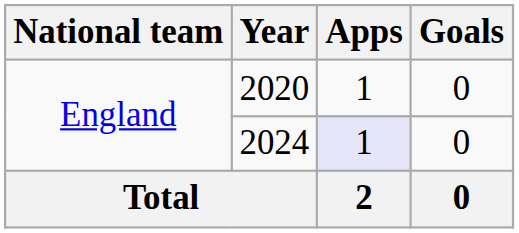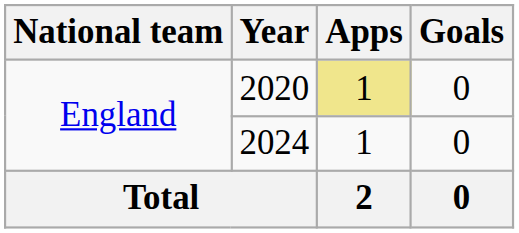 <table class="wikitable" style="text-align: center;">
 <tr>
 <th>National team</th>
 <th>Year</th>
 <th>Apps</th>
 <th>Goals</th>
 </tr>
 <tr>
 <td rowspan="2"><a href='#'>England</a></td>
 <td>2020</td>
-<td>1</td>
+<td style="background: khaki;">1</td>
 <td>0</td>
 </tr>
 <tr>
 <td>2024</td>
-<td style="background: lavender;">1</td>
+<td>1</td>
 <td>0</td>
 </tr>
 <tr>
 <th colspan="2">Total</th>
 <th>2</th>
 <th>0</th>
 </tr>
 </table>
